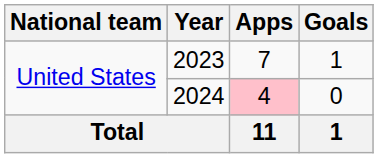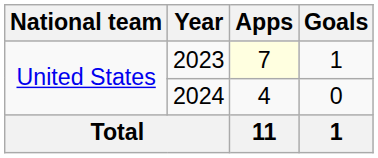 <table class="wikitable" style="text-align:center">
 <tr>
 <th>National team</th>
 <th>Year</th>
 <th>Apps</th>
 <th>Goals</th>
 </tr>
 <tr>
 <td rowspan=2><a href='#'>United States</a></td>
 <td>2023</td>
-<td>7</td>
+<td style="background: lightyellow;">7</td>
 <td>1</td>
 </tr>
 <tr>
 <td>2024</td>
-<td style="background: pink;">4</td>
+<td>4</td>
 <td>0</td>
 </tr>
 <tr>
 <th colspan="2">Total</th>
 <th>11</th>
 <th>1</th>
 </tr>
 </table>
